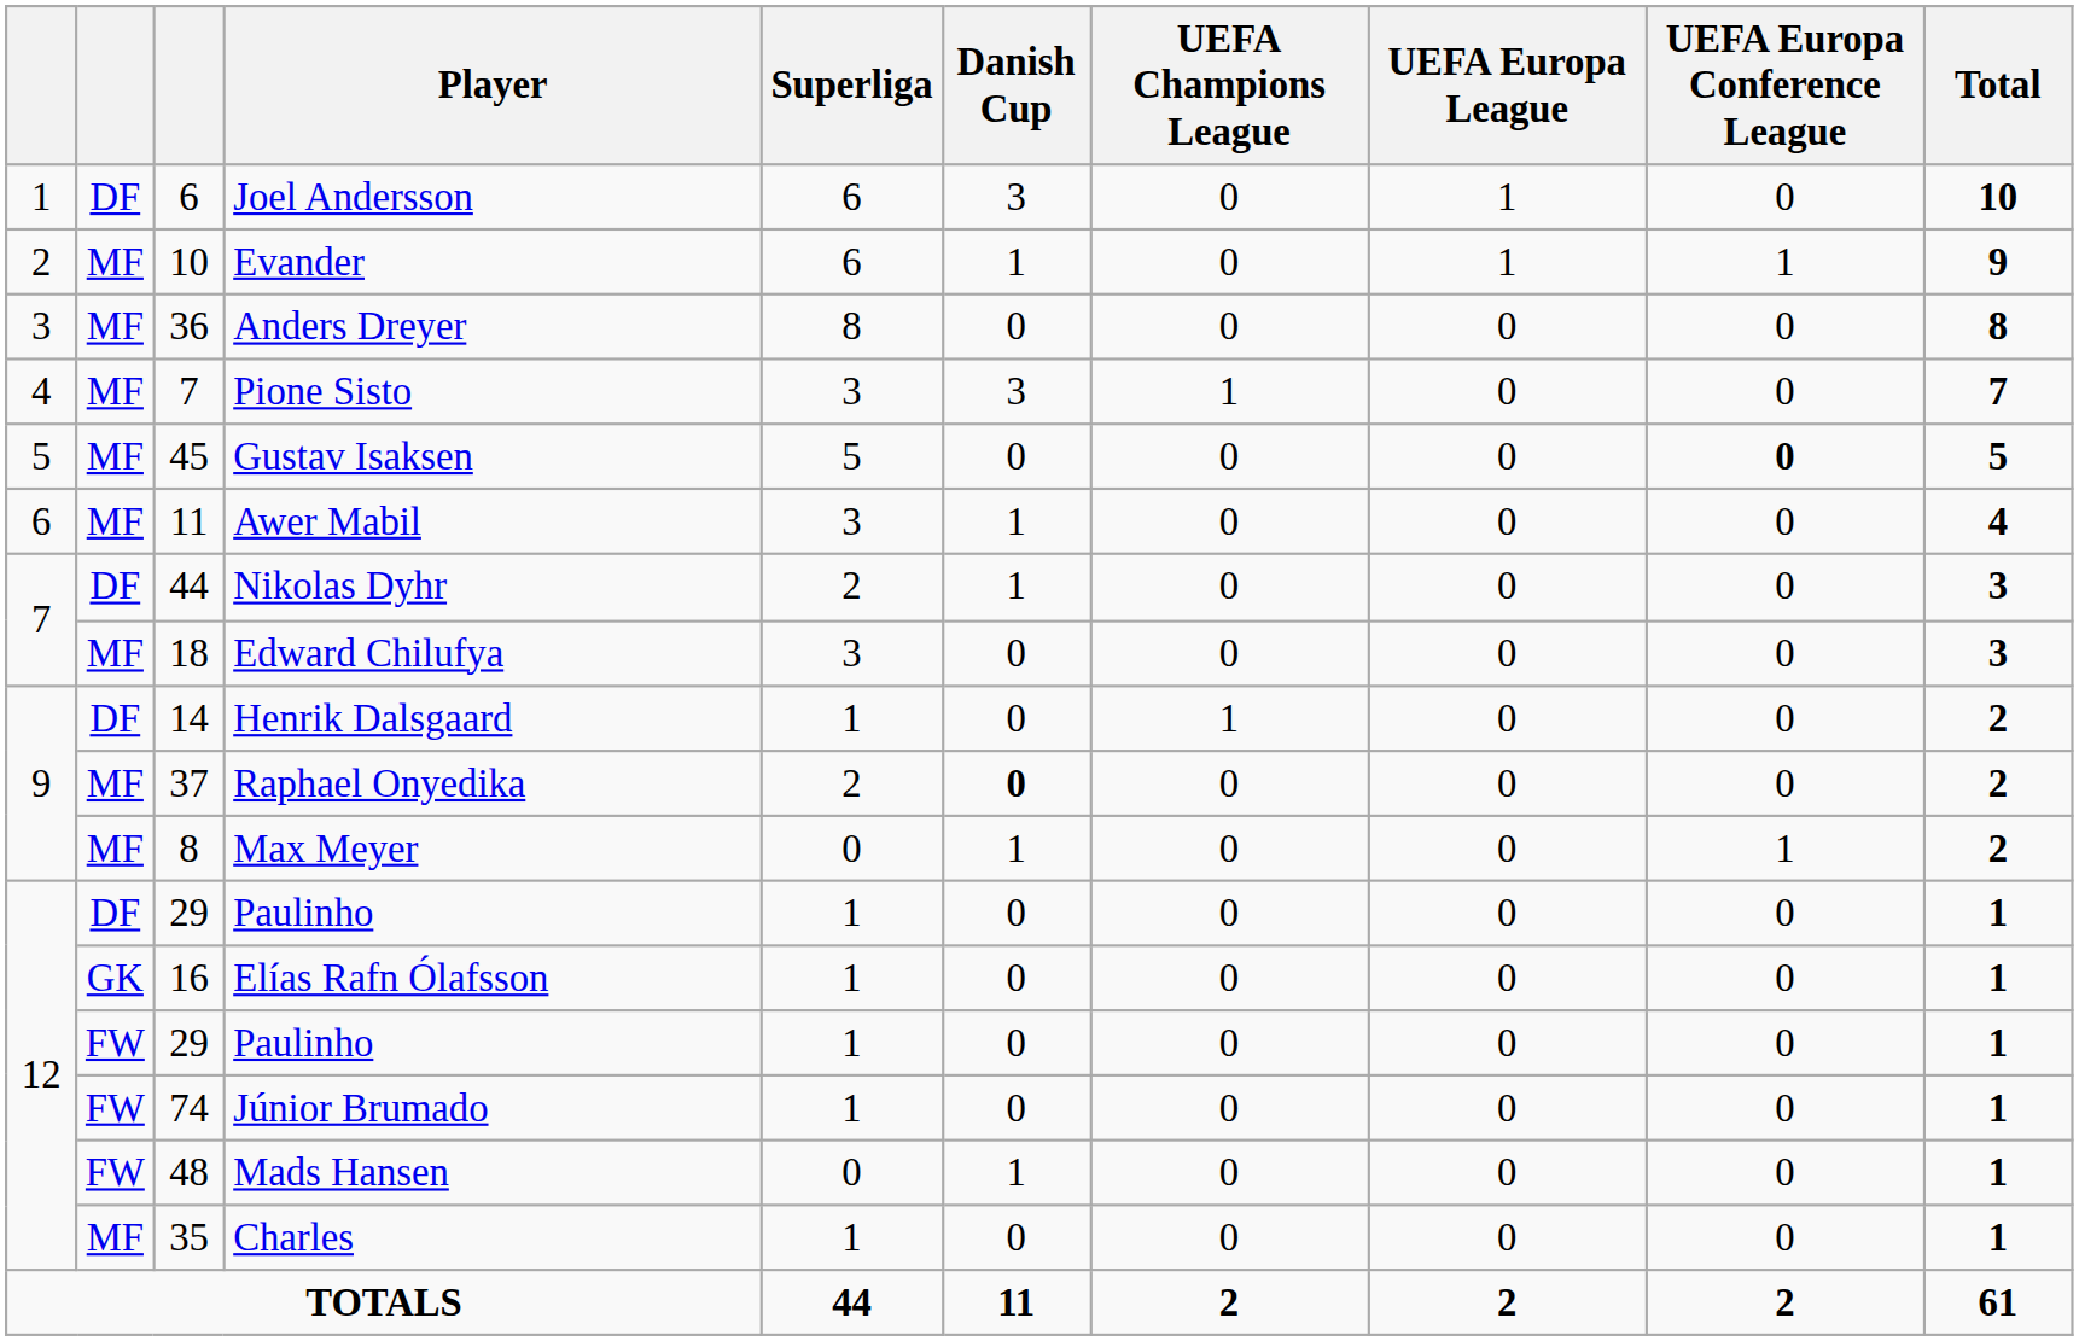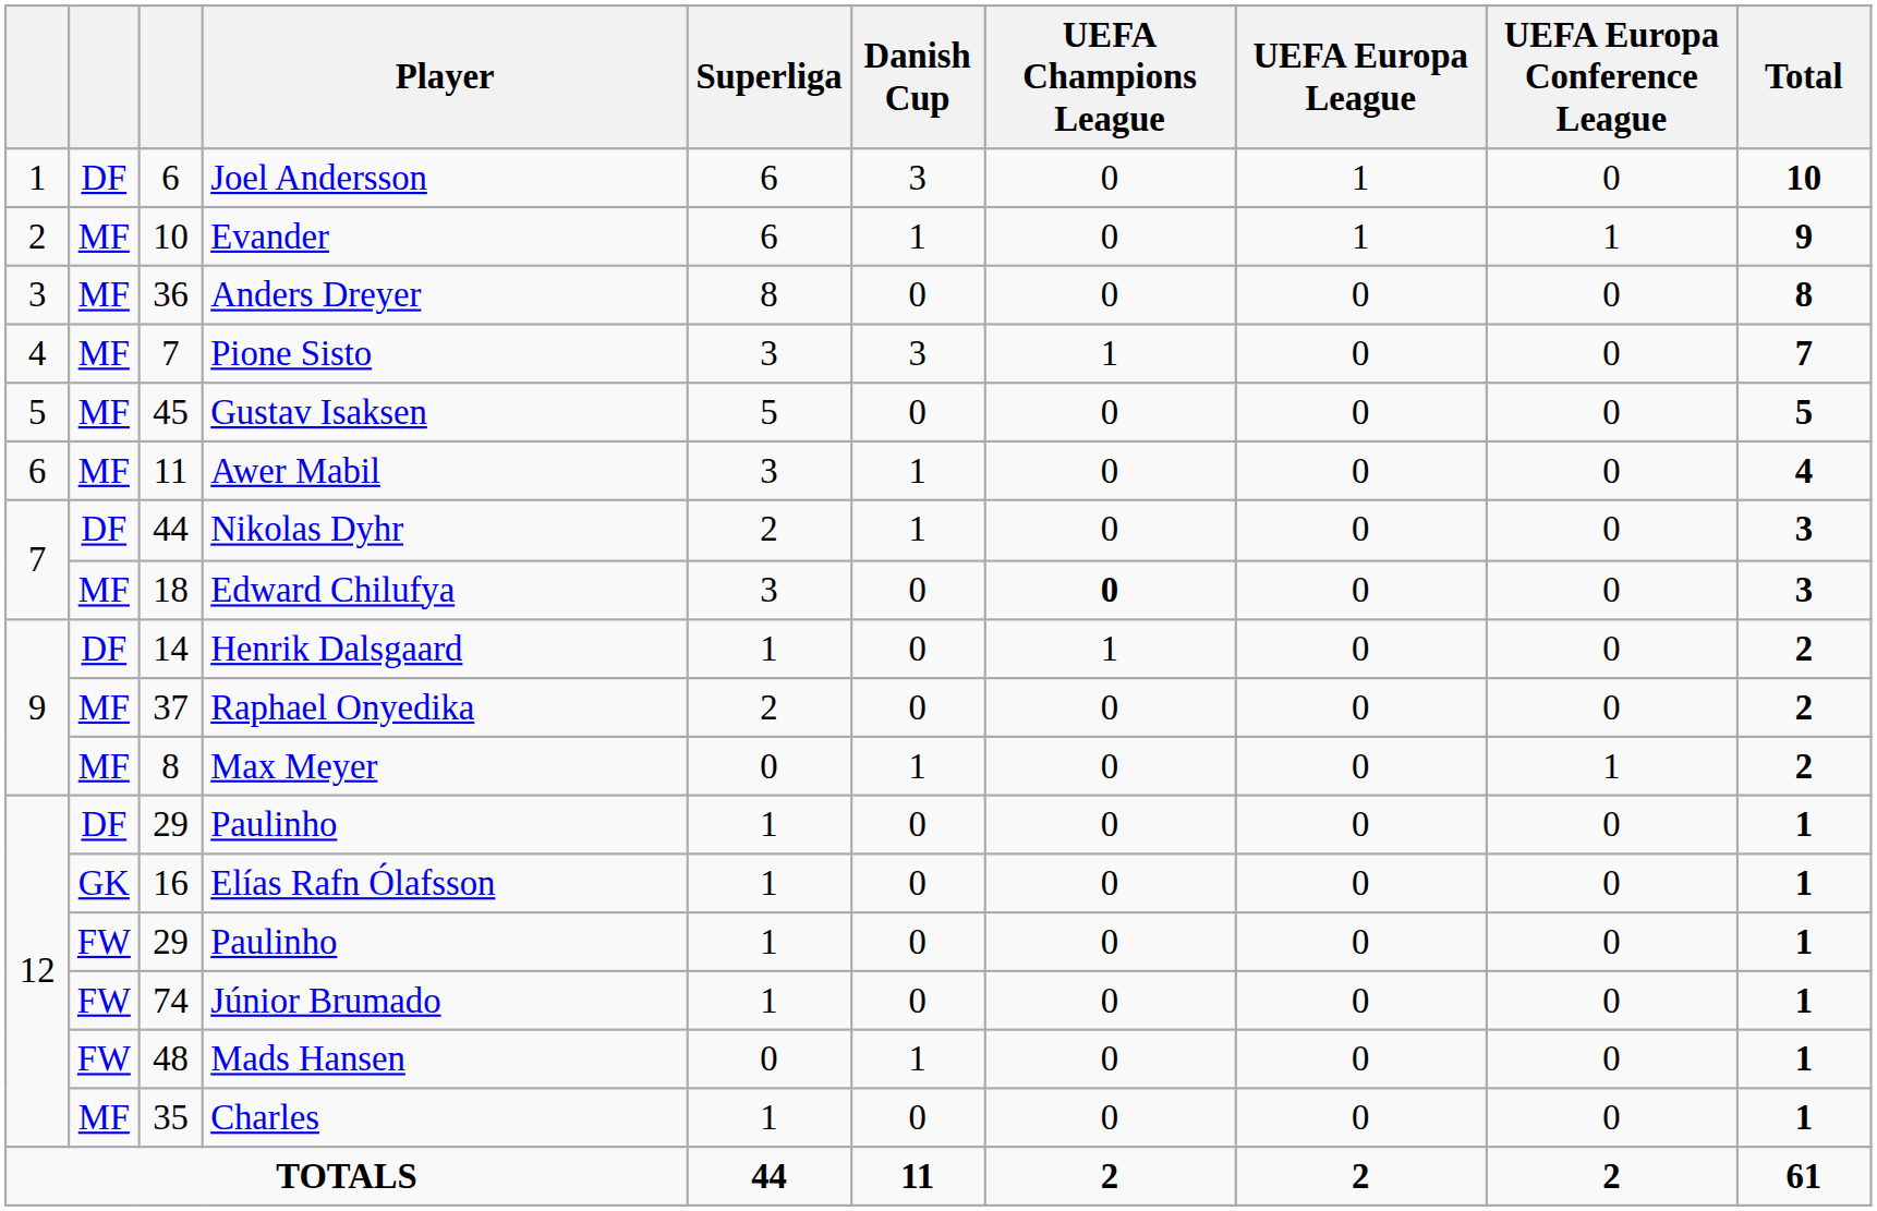 <table class="wikitable sortable" style="font-size: 95%; text-align: center;">
 <tr>
 <th width=20></th>
 <th width=20></th>
 <th width=20></th>
 <th width=200>Player</th>
 <th width=50>Superliga</th>
 <th width=50>Danish Cup</th>
 <th width=100>UEFA Champions League</th>
 <th width=100>UEFA Europa League</th>
 <th width=100>UEFA Europa Conference League</th>
 <th width=50>Total</th>
 </tr>
 <tr>
 <td rowspan=1>1</td>
 <td><a href='#'>DF</a></td>
 <td>6</td>
 <td align=left> <a href='#'>Joel Andersson</a></td>
 <td>6</td>
 <td>3</td>
 <td>0</td>
 <td>1</td>
 <td>0</td>
 <td><strong>10</strong></td>
 </tr>
 <tr>
 <td rowspan=1>2</td>
 <td><a href='#'>MF</a></td>
 <td>10</td>
 <td align=left> <a href='#'>Evander</a></td>
 <td>6</td>
 <td>1</td>
 <td>0</td>
 <td>1</td>
 <td>1</td>
 <td><strong>9</strong></td>
 </tr>
 <tr>
 <td rowspan=1>3</td>
 <td><a href='#'>MF</a></td>
 <td>36</td>
 <td align=left> <a href='#'>Anders Dreyer</a></td>
 <td>8</td>
 <td>0</td>
 <td>0</td>
 <td>0</td>
 <td>0</td>
 <td><strong>8</strong></td>
 </tr>
 <tr>
 <td rowspan=1>4</td>
 <td><a href='#'>MF</a></td>
 <td>7</td>
 <td align=left> <a href='#'>Pione Sisto</a></td>
 <td>3</td>
 <td>3</td>
 <td>1</td>
 <td>0</td>
 <td>0</td>
 <td><strong>7</strong></td>
 </tr>
 <tr>
 <td rowspan=1>5</td>
 <td><a href='#'>MF</a></td>
 <td>45</td>
 <td align=left> <a href='#'>Gustav Isaksen</a></td>
 <td>5</td>
 <td>0</td>
 <td>0</td>
 <td>0</td>
-<td><strong>0</strong></td>
+<td>0</td>
 <td><strong>5</strong></td>
 </tr>
 <tr>
 <td rowspan=1>6</td>
 <td><a href='#'>MF</a></td>
 <td>11</td>
 <td align=left> <a href='#'>Awer Mabil</a></td>
 <td>3</td>
 <td>1</td>
 <td>0</td>
 <td>0</td>
 <td>0</td>
 <td><strong>4</strong></td>
 </tr>
 <tr>
 <td rowspan=2>7</td>
 <td><a href='#'>DF</a></td>
 <td>44</td>
 <td align=left> <a href='#'>Nikolas Dyhr</a></td>
 <td>2</td>
 <td>1</td>
 <td>0</td>
 <td>0</td>
 <td>0</td>
 <td><strong>3</strong></td>
 </tr>
 <tr>
 <td><a href='#'>MF</a></td>
 <td>18</td>
 <td align=left> <a href='#'>Edward Chilufya</a></td>
 <td>3</td>
 <td>0</td>
-<td>0</td>
+<td><strong>0</strong></td>
 <td>0</td>
 <td>0</td>
 <td><strong>3</strong></td>
 </tr>
 <tr>
 <td rowspan=3>9</td>
 <td><a href='#'>DF</a></td>
 <td>14</td>
 <td align=left> <a href='#'>Henrik Dalsgaard</a></td>
 <td>1</td>
 <td>0</td>
 <td>1</td>
 <td>0</td>
 <td>0</td>
 <td><strong>2</strong></td>
 </tr>
 <tr>
 <td><a href='#'>MF</a></td>
 <td>37</td>
 <td align=left> <a href='#'>Raphael Onyedika</a></td>
 <td>2</td>
-<td><strong>0</strong></td>
+<td>0</td>
 <td>0</td>
 <td>0</td>
 <td>0</td>
 <td><strong>2</strong></td>
 </tr>
 <tr>
 <td><a href='#'>MF</a></td>
 <td>8</td>
 <td align=left> <a href='#'>Max Meyer</a></td>
 <td>0</td>
 <td>1</td>
 <td>0</td>
 <td>0</td>
 <td>1</td>
 <td><strong>2</strong></td>
 </tr>
 <tr>
 <td rowspan=6>12</td>
 <td><a href='#'>DF</a></td>
 <td>29</td>
 <td align=left> <a href='#'>Paulinho</a></td>
 <td>1</td>
 <td>0</td>
 <td>0</td>
 <td>0</td>
 <td>0</td>
 <td><strong>1</strong></td>
 </tr>
 <tr>
 <td><a href='#'>GK</a></td>
 <td>16</td>
 <td align=left> <a href='#'>Elías Rafn Ólafsson</a></td>
 <td>1</td>
 <td>0</td>
 <td>0</td>
 <td>0</td>
 <td>0</td>
 <td><strong>1</strong></td>
 </tr>
 <tr>
 <td><a href='#'>FW</a></td>
 <td>29</td>
 <td align=left> <a href='#'>Paulinho</a></td>
 <td>1</td>
 <td>0</td>
 <td>0</td>
 <td>0</td>
 <td>0</td>
 <td><strong>1</strong></td>
 </tr>
 <tr>
 <td><a href='#'>FW</a></td>
 <td>74</td>
 <td align=left> <a href='#'>Júnior Brumado</a></td>
 <td>1</td>
 <td>0</td>
 <td>0</td>
 <td>0</td>
 <td>0</td>
 <td><strong>1</strong></td>
 </tr>
 <tr>
 <td><a href='#'>FW</a></td>
 <td>48</td>
 <td align=left> <a href='#'>Mads Hansen</a></td>
 <td>0</td>
 <td>1</td>
 <td>0</td>
 <td>0</td>
 <td>0</td>
 <td><strong>1</strong></td>
 </tr>
 <tr>
 <td><a href='#'>MF</a></td>
 <td>35</td>
 <td align=left> <a href='#'>Charles</a></td>
 <td>1</td>
 <td>0</td>
 <td>0</td>
 <td>0</td>
 <td>0</td>
 <td><strong>1</strong></td>
 </tr>
 <tr>
 <td colspan="4"><strong>TOTALS</strong></td>
 <td><strong>44</strong></td>
 <td><strong>11</strong></td>
 <td><strong>2</strong></td>
 <td><strong>2</strong></td>
 <td><strong>2</strong></td>
 <td><strong>61</strong></td>
 </tr>
 </table>
